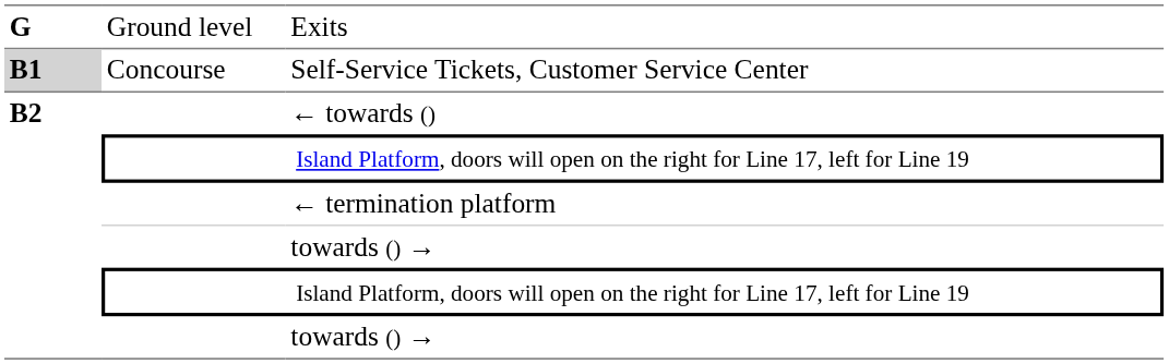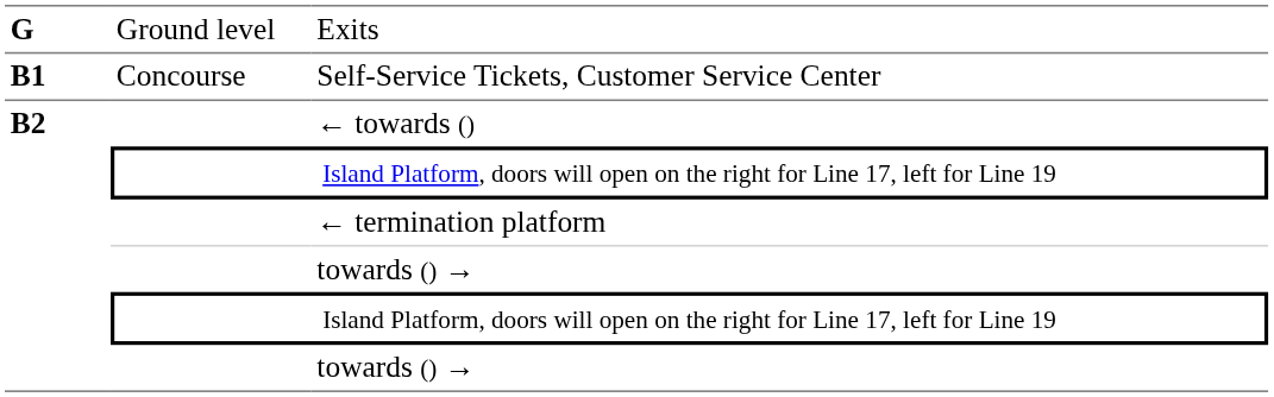 <table style="border-spacing:0;">
 <tr>
 <td style="border-bottom:solid 1px gray;border-top:solid 1px gray;width:50px;vertical-align:top;padding:3px;"><strong>G</strong></td>
 <td style="border-top:solid 1px gray;border-bottom:solid 1px gray;width:100px;vertical-align:top;padding:3px;">Ground level</td>
 <td style="border-top:solid 1px gray;border-bottom:solid 1px gray;width:500px;vertical-align:top;padding:3px;">Exits</td>
 </tr>
 <tr>
-<td style="background: lightgrey; border-bottom:solid 1px gray;vertical-align:top;padding:3px;"><strong>B1</strong></td>
+<td style="border-bottom:solid 1px gray;vertical-align:top;padding:3px;"><strong>B1</strong></td>
 <td style="border-bottom:solid 1px gray;vertical-align:top;padding:3px;">Concourse</td>
 <td style="border-bottom:solid 1px gray;padding:3px;">Self-Service Tickets, Customer Service Center</td>
 </tr>
 <tr>
 <td style="border-bottom:solid 1px gray;vertical-align:top;padding:3px;" rowspan=6><strong>B2</strong></td>
 <td style="padding:3px;"></td>
 <td style="padding:3px;">←  towards  <small> ()</small></td>
 </tr>
 <tr>
 <td style="border:solid 2px black;text-align:center;padding:3px;" colspan=3><small><a href='#'>Island Platform</a>, doors will open on the right for Line 17, left for Line 19</small></td>
 </tr>
 <tr>
 <td style="border-bottom:solid 1px lightgray;padding:3px;"></td>
 <td style="border-bottom:solid 1px lightgray;padding:3px;">←  termination platform</td>
 </tr>
 <tr>
 <td style="padding:3px;"></td>
 <td style="padding:3px;">  towards  <small> ()</small> →</td>
 </tr>
 <tr>
 <td style="border:solid 2px black;text-align:center;padding:3px;" colspan=3><small>Island Platform, doors will open on the right for Line 17, left for Line 19</small></td>
 </tr>
 <tr>
 <td style="border-bottom:solid 1px gray;padding:3px;"></td>
 <td style="border-bottom:solid 1px gray;padding:3px;">  towards  <small> ()</small> →</td>
 </tr>
 </table>
